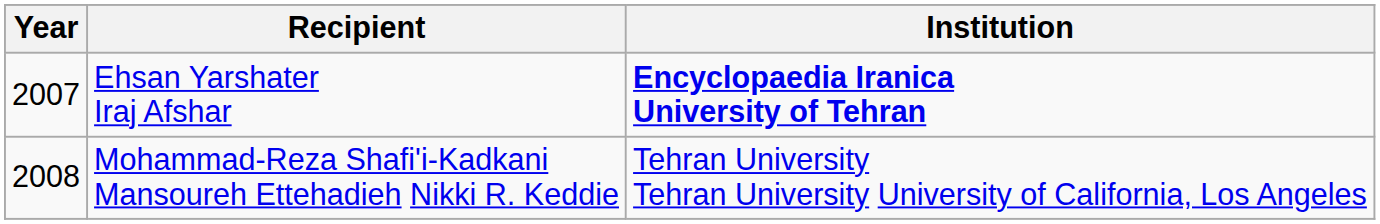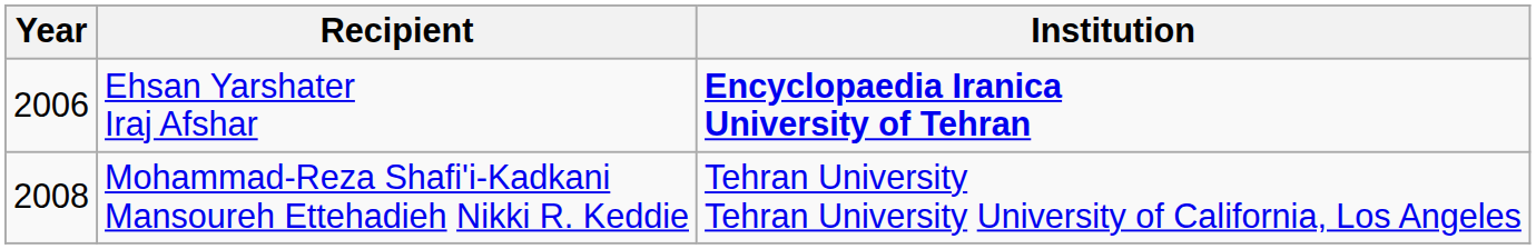 <table class="wikitable">
 <tr>
 <th>Year</th>
 <th>Recipient</th>
 <th>Institution</th>
 </tr>
 <tr>
-<td>2007</td>
+<td>2006</td>
 <td><a href='#'>Ehsan Yarshater</a><br><a href='#'>Iraj Afshar</a></td>
 <td><strong><a href='#'>Encyclopaedia Iranica</a><br><a href='#'>University of Tehran</a></strong></td>
 </tr>
 <tr>
 <td>2008</td>
 <td><a href='#'>Mohammad-Reza Shafi'i-Kadkani</a><br><a href='#'>Mansoureh Ettehadieh</a> <a href='#'>Nikki R. Keddie</a></td>
 <td><a href='#'>Tehran University</a><br><a href='#'>Tehran University</a> <a href='#'>University of California, Los Angeles</a></td>
 </tr>
 </table>
